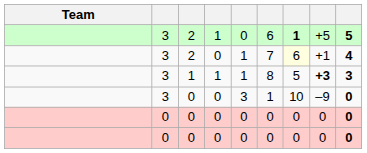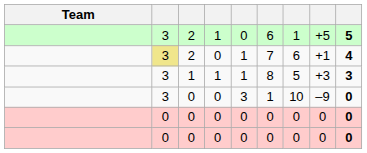 <table class="wikitable" style="text-align:center">
 <tr>
 <th width=175>Team</th>
 <th width=25></th>
 <th width=25></th>
 <th width=25></th>
 <th width=25></th>
 <th width=25></th>
 <th width=25></th>
 <th width=25></th>
 <th width=25></th>
 </tr>
 <tr bgcolor=#ccffcc>
 <td align=left></td>
 <td>3</td>
 <td>2</td>
 <td>1</td>
 <td>0</td>
 <td>6</td>
-<td><strong>1</strong></td>
+<td>1</td>
 <td>+5</td>
 <td><strong>5</strong></td>
 </tr>
 <tr>
 <td align=left></td>
-<td>3</td>
+<td style="background: khaki;">3</td>
 <td>2</td>
 <td>0</td>
 <td>1</td>
 <td>7</td>
-<td style="background: lightyellow;">6</td>
+<td>6</td>
 <td>+1</td>
 <td><strong>4</strong></td>
 </tr>
 <tr>
 <td align=left></td>
 <td>3</td>
 <td>1</td>
 <td>1</td>
 <td>1</td>
 <td>8</td>
 <td>5</td>
-<td><strong>+3</strong></td>
+<td>+3</td>
 <td><strong>3</strong></td>
 </tr>
 <tr>
 <td align=left></td>
 <td>3</td>
 <td>0</td>
 <td>0</td>
 <td>3</td>
 <td>1</td>
 <td>10</td>
 <td>–9</td>
 <td><strong>0</strong></td>
 </tr>
 <tr bgcolor=#ffcccc>
 <td align=left> <em></em></td>
 <td>0</td>
 <td>0</td>
 <td>0</td>
 <td>0</td>
 <td>0</td>
 <td>0</td>
 <td>0</td>
 <td><strong>0</strong></td>
 </tr>
 <tr bgcolor=#ffcccc>
 <td align=left> <em></em></td>
 <td>0</td>
 <td>0</td>
 <td>0</td>
 <td>0</td>
 <td>0</td>
 <td>0</td>
 <td>0</td>
 <td><strong>0</strong></td>
 </tr>
 </table>
